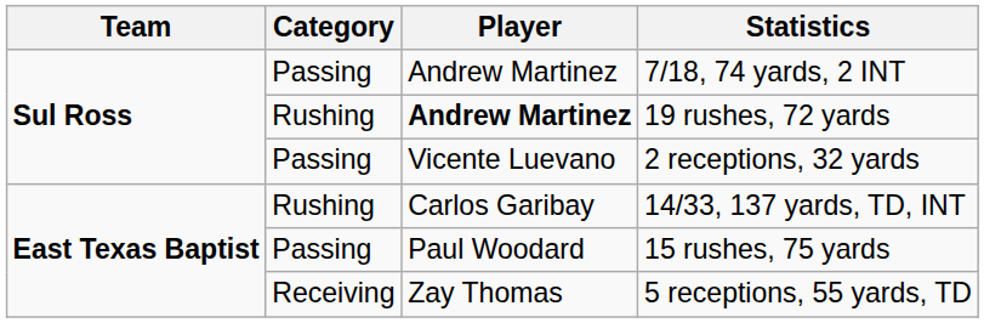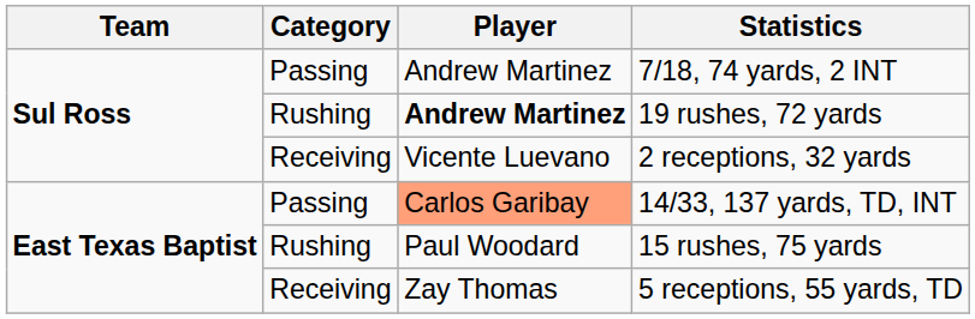 <table class="wikitable" style="float: right;">
 <tr>
 <th>Team</th>
 <th>Category</th>
 <th>Player</th>
 <th>Statistics</th>
 </tr>
 <tr>
 <td rowspan=3><strong>Sul Ross</strong></td>
 <td>Passing</td>
 <td>Andrew Martinez</td>
 <td>7/18, 74 yards, 2 INT</td>
 </tr>
 <tr>
 <td>Rushing</td>
 <td><strong>Andrew Martinez</strong></td>
 <td>19 rushes, 72 yards</td>
 </tr>
 <tr>
-<td>Passing</td>
+<td>Receiving</td>
 <td>Vicente Luevano</td>
 <td>2 receptions, 32 yards</td>
 </tr>
 <tr>
 <td rowspan=3><strong>East Texas Baptist</strong></td>
-<td>Rushing</td>
-<td>Carlos Garibay</td>
+<td>Passing</td>
+<td style="background: lightsalmon;">Carlos Garibay</td>
 <td>14/33, 137 yards, TD, INT</td>
 </tr>
 <tr>
-<td>Passing</td>
+<td>Rushing</td>
 <td>Paul Woodard</td>
 <td>15 rushes, 75 yards</td>
 </tr>
 <tr>
 <td>Receiving</td>
 <td>Zay Thomas</td>
 <td>5 receptions, 55 yards, TD</td>
 </tr>
 </table>
